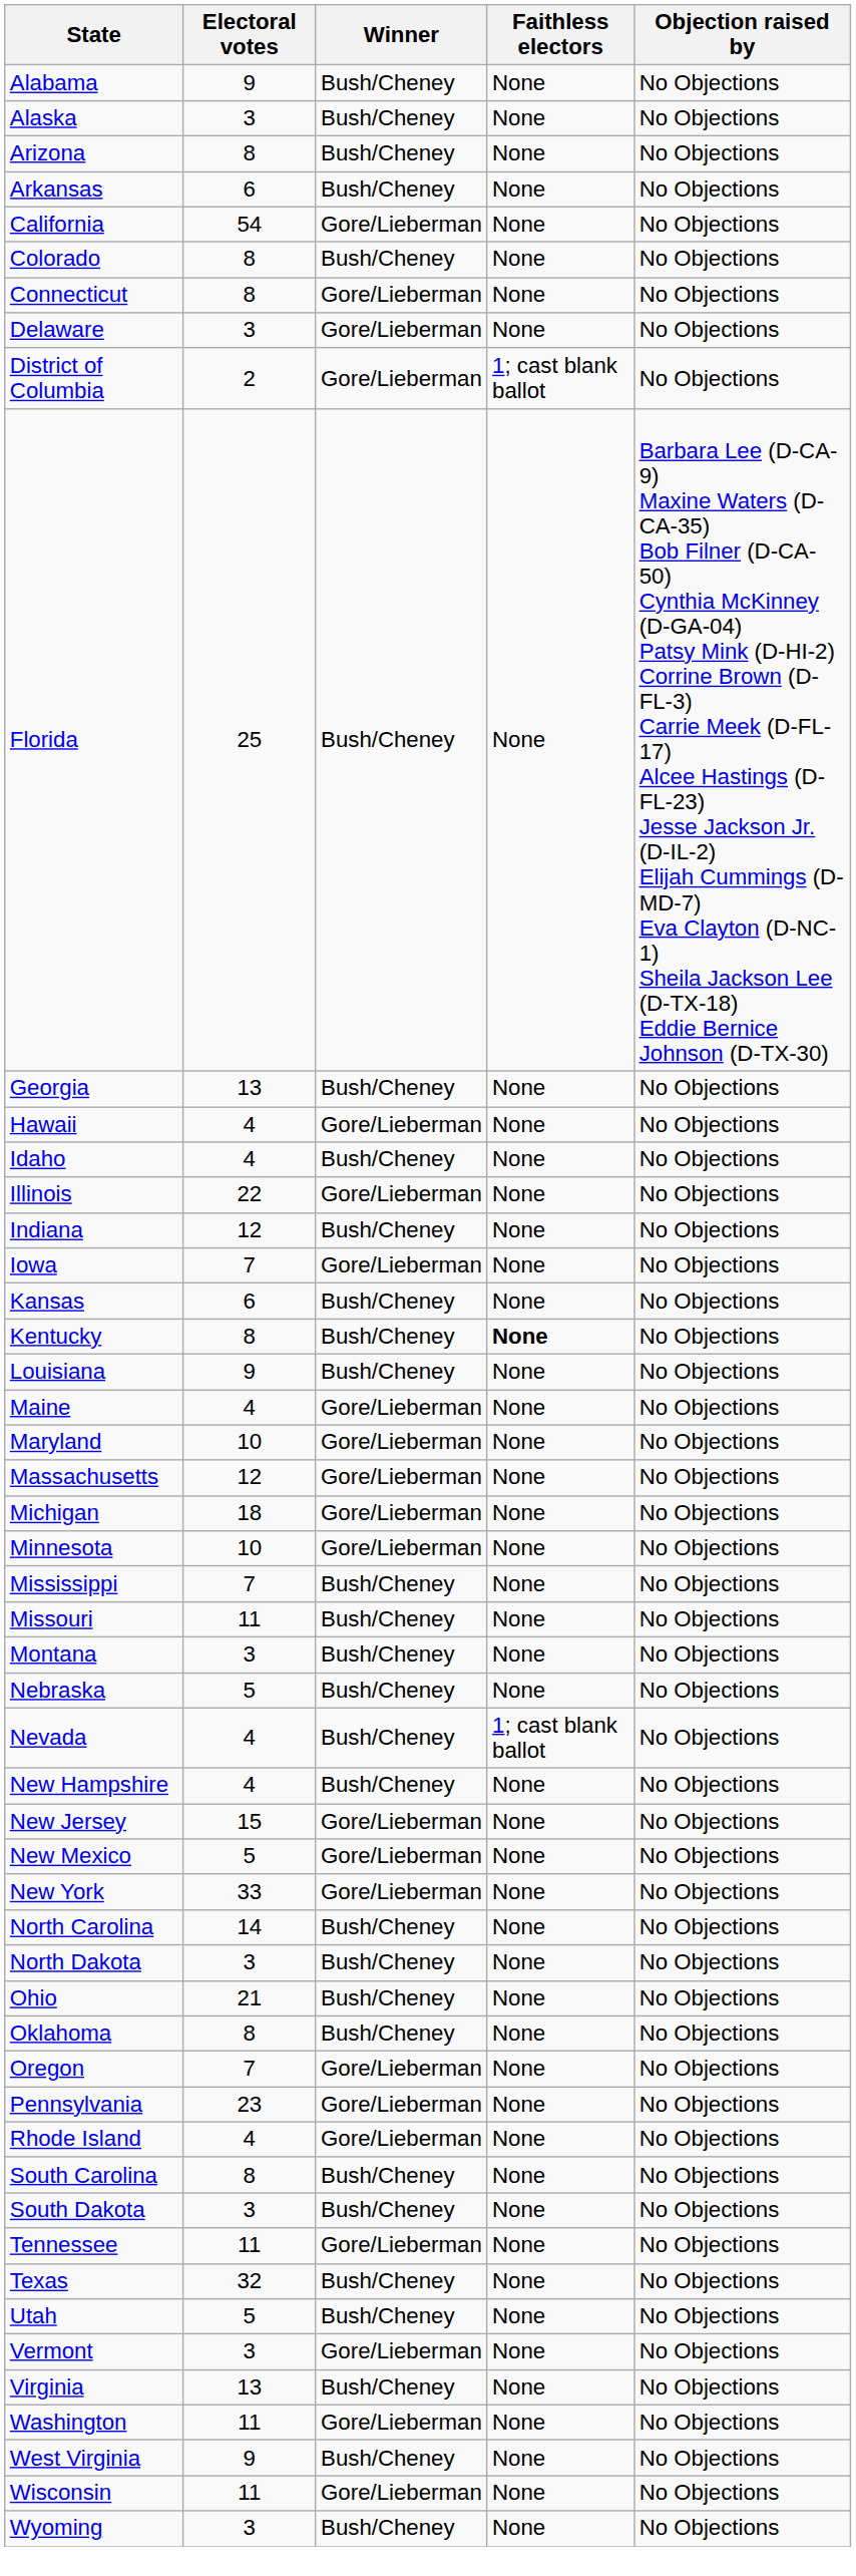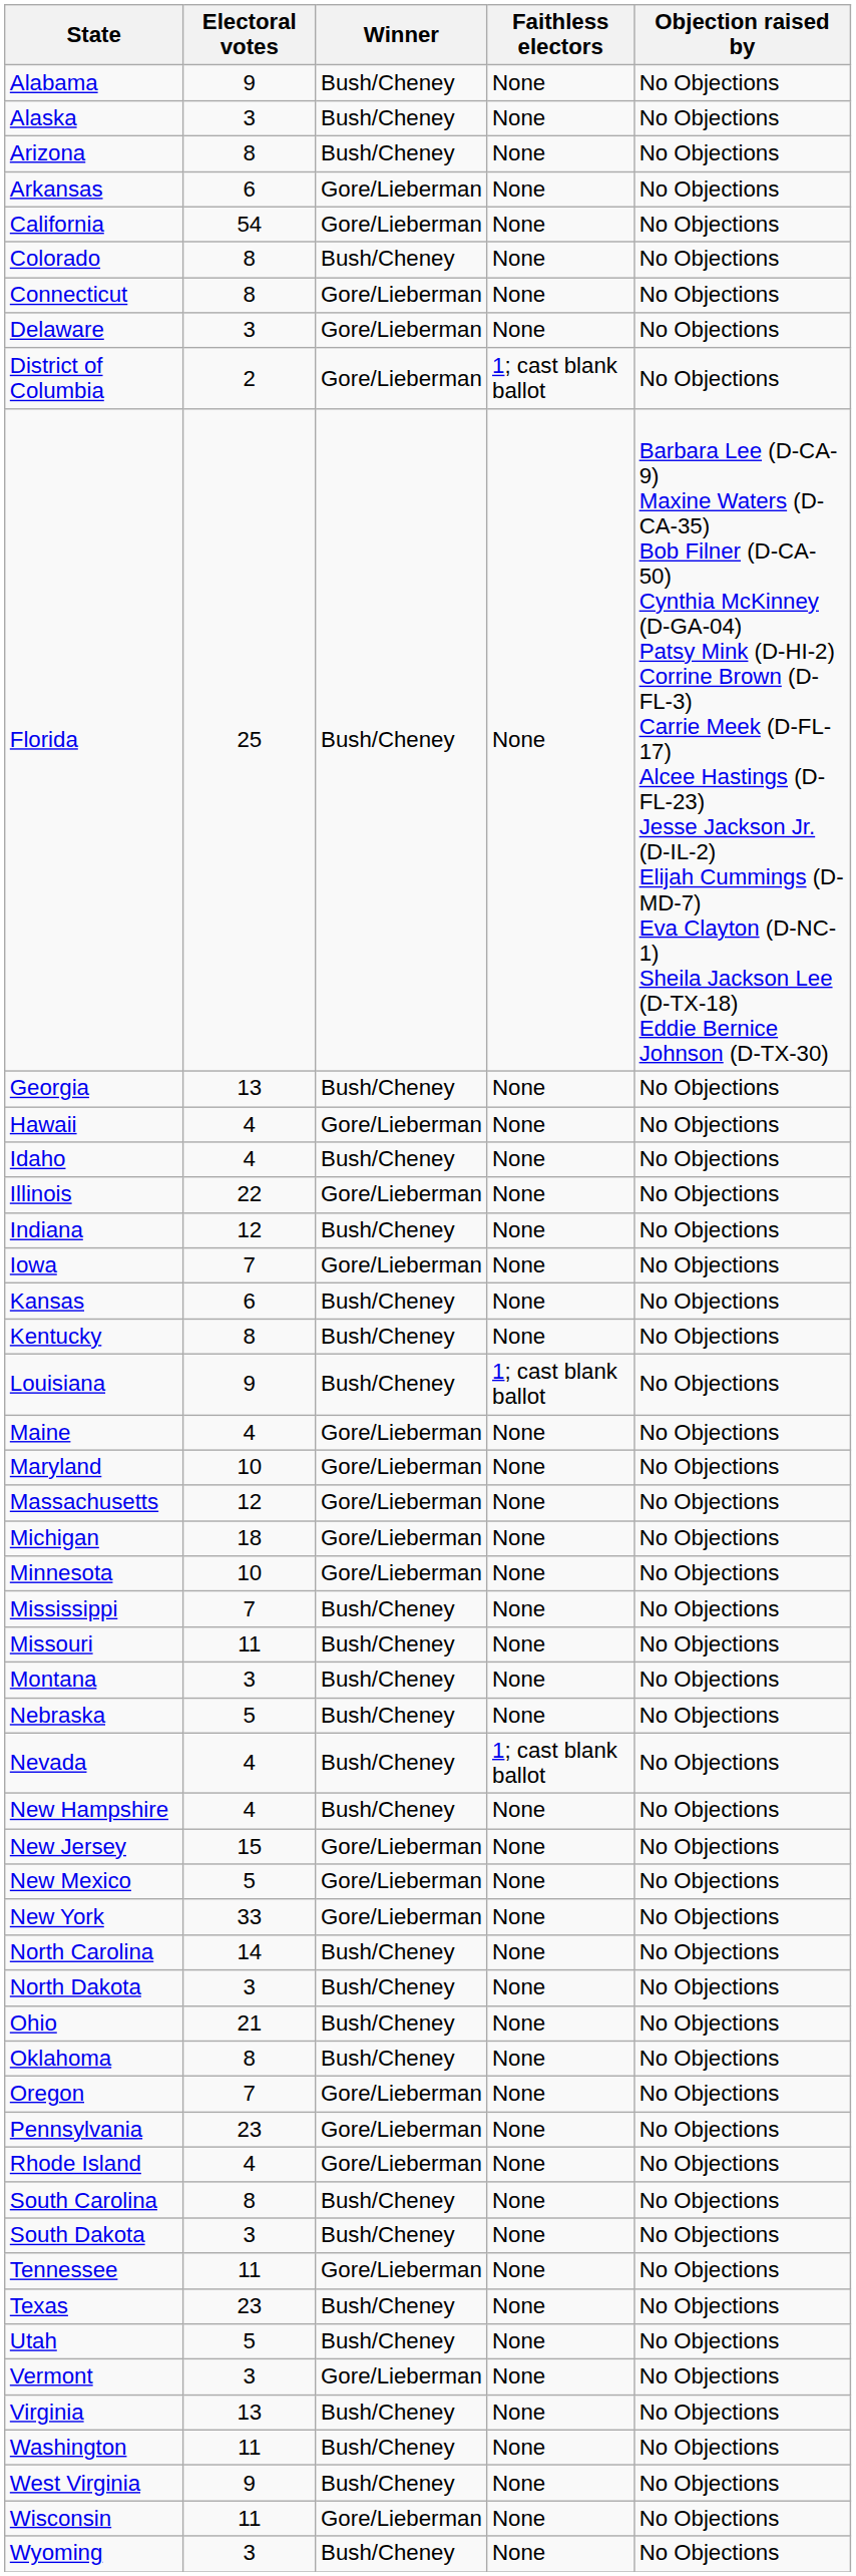 <table class="wikitable sortable">
 <tr>
 <th>State</th>
 <th>Electoral votes</th>
 <th>Winner</th>
 <th>Faithless electors</th>
 <th>Objection raised by</th>
 </tr>
 <tr>
 <td><a href='#'>Alabama</a></td>
 <td style="text-align:center;">9</td>
 <td>Bush/Cheney</td>
 <td>None</td>
 <td>No Objections</td>
 </tr>
 <tr>
 <td><a href='#'>Alaska</a></td>
 <td style="text-align:center;">3</td>
 <td>Bush/Cheney</td>
 <td>None</td>
 <td>No Objections</td>
 </tr>
 <tr>
 <td><a href='#'>Arizona</a></td>
 <td style="text-align:center;">8</td>
 <td>Bush/Cheney</td>
 <td>None</td>
 <td>No Objections</td>
 </tr>
 <tr>
 <td><a href='#'>Arkansas</a></td>
 <td style="text-align:center;">6</td>
-<td>Bush/Cheney</td>
+<td>Gore/Lieberman</td>
 <td>None</td>
 <td>No Objections</td>
 </tr>
 <tr>
 <td><a href='#'>California</a></td>
 <td style="text-align:center;">54</td>
 <td>Gore/Lieberman</td>
 <td>None</td>
 <td>No Objections</td>
 </tr>
 <tr>
 <td><a href='#'>Colorado</a></td>
 <td style="text-align:center;">8</td>
 <td>Bush/Cheney</td>
 <td>None</td>
 <td>No Objections</td>
 </tr>
 <tr>
 <td><a href='#'>Connecticut</a></td>
 <td style="text-align:center;">8</td>
 <td>Gore/Lieberman</td>
 <td>None</td>
 <td>No Objections</td>
 </tr>
 <tr>
 <td><a href='#'>Delaware</a></td>
 <td style="text-align:center;">3</td>
 <td>Gore/Lieberman</td>
 <td>None</td>
 <td>No Objections</td>
 </tr>
 <tr>
 <td><a href='#'>District of Columbia</a></td>
 <td style="text-align:center;">2</td>
 <td>Gore/Lieberman</td>
 <td><a href='#'>1</a>; cast blank ballot</td>
 <td>No Objections</td>
 </tr>
 <tr>
 <td><a href='#'>Florida</a></td>
 <td style="text-align:center;">25</td>
 <td>Bush/Cheney</td>
 <td>None</td>
 <td><br><a href='#'>Barbara Lee</a> (D-CA-9)<br> <a href='#'>Maxine Waters</a> (D-CA-35)<br> <a href='#'>Bob Filner</a> (D-CA-50)<br> <a href='#'>Cynthia McKinney</a> (D-GA-04)<br> <a href='#'>Patsy Mink</a> (D-HI-2)<br> <a href='#'>Corrine Brown</a> (D-FL-3)<br> <a href='#'>Carrie Meek</a> (D-FL-17)<br> <a href='#'>Alcee Hastings</a> (D-FL-23)<br> <a href='#'>Jesse Jackson Jr.</a> (D-IL-2)<br> <a href='#'>Elijah Cummings</a> (D-MD-7)<br> <a href='#'>Eva Clayton</a> (D-NC-1)<br> <a href='#'>Sheila Jackson Lee</a> (D-TX-18)<br> <a href='#'>Eddie Bernice Johnson</a> (D-TX-30)<br></td>
 </tr>
 <tr>
 <td><a href='#'>Georgia</a></td>
 <td style="text-align:center;">13</td>
 <td>Bush/Cheney</td>
 <td>None</td>
 <td>No Objections</td>
 </tr>
 <tr>
 <td><a href='#'>Hawaii</a></td>
 <td style="text-align:center;">4</td>
 <td>Gore/Lieberman</td>
 <td>None</td>
 <td>No Objections</td>
 </tr>
 <tr>
 <td><a href='#'>Idaho</a></td>
 <td style="text-align:center;">4</td>
 <td>Bush/Cheney</td>
 <td>None</td>
 <td>No Objections</td>
 </tr>
 <tr>
 <td><a href='#'>Illinois</a></td>
 <td style="text-align:center;">22</td>
 <td>Gore/Lieberman</td>
 <td>None</td>
 <td>No Objections</td>
 </tr>
 <tr>
 <td><a href='#'>Indiana</a></td>
 <td style="text-align:center;">12</td>
 <td>Bush/Cheney</td>
 <td>None</td>
 <td>No Objections</td>
 </tr>
 <tr>
 <td><a href='#'>Iowa</a></td>
 <td style="text-align:center;">7</td>
 <td>Gore/Lieberman</td>
 <td>None</td>
 <td>No Objections</td>
 </tr>
 <tr>
 <td><a href='#'>Kansas</a></td>
 <td style="text-align:center;">6</td>
 <td>Bush/Cheney</td>
 <td>None</td>
 <td>No Objections</td>
 </tr>
 <tr>
 <td><a href='#'>Kentucky</a></td>
 <td style="text-align:center;">8</td>
 <td>Bush/Cheney</td>
-<td><strong>None</strong></td>
+<td>None</td>
 <td>No Objections</td>
 </tr>
 <tr>
 <td><a href='#'>Louisiana</a></td>
 <td style="text-align:center;">9</td>
 <td>Bush/Cheney</td>
-<td>None</td>
+<td><a href='#'>1</a>; cast blank ballot</td>
 <td>No Objections</td>
 </tr>
 <tr>
 <td><a href='#'>Maine</a></td>
 <td style="text-align:center;">4</td>
 <td>Gore/Lieberman</td>
 <td>None</td>
 <td>No Objections</td>
 </tr>
 <tr>
 <td><a href='#'>Maryland</a></td>
 <td style="text-align:center;">10</td>
 <td>Gore/Lieberman</td>
 <td>None</td>
 <td>No Objections</td>
 </tr>
 <tr>
 <td><a href='#'>Massachusetts</a></td>
 <td style="text-align:center;">12</td>
 <td>Gore/Lieberman</td>
 <td>None</td>
 <td>No Objections</td>
 </tr>
 <tr>
 <td><a href='#'>Michigan</a></td>
 <td style="text-align:center;">18</td>
 <td>Gore/Lieberman</td>
 <td>None</td>
 <td>No Objections</td>
 </tr>
 <tr>
 <td><a href='#'>Minnesota</a></td>
 <td style="text-align:center;">10</td>
 <td>Gore/Lieberman</td>
 <td>None</td>
 <td>No Objections</td>
 </tr>
 <tr>
 <td><a href='#'>Mississippi</a></td>
 <td style="text-align:center;">7</td>
 <td>Bush/Cheney</td>
 <td>None</td>
 <td>No Objections</td>
 </tr>
 <tr>
 <td><a href='#'>Missouri</a></td>
 <td style="text-align:center;">11</td>
 <td>Bush/Cheney</td>
 <td>None</td>
 <td>No Objections</td>
 </tr>
 <tr>
 <td><a href='#'>Montana</a></td>
 <td style="text-align:center;">3</td>
 <td>Bush/Cheney</td>
 <td>None</td>
 <td>No Objections</td>
 </tr>
 <tr>
 <td><a href='#'>Nebraska</a></td>
 <td style="text-align:center;">5</td>
 <td>Bush/Cheney</td>
 <td>None</td>
 <td>No Objections</td>
 </tr>
 <tr>
 <td><a href='#'>Nevada</a></td>
 <td style="text-align:center;">4</td>
 <td>Bush/Cheney</td>
 <td><a href='#'>1</a>; cast blank ballot</td>
 <td>No Objections</td>
 </tr>
 <tr>
 <td><a href='#'>New Hampshire</a></td>
 <td style="text-align:center;">4</td>
 <td>Bush/Cheney</td>
 <td>None</td>
 <td>No Objections</td>
 </tr>
 <tr>
 <td><a href='#'>New Jersey</a></td>
 <td style="text-align:center;">15</td>
 <td>Gore/Lieberman</td>
 <td>None</td>
 <td>No Objections</td>
 </tr>
 <tr>
 <td><a href='#'>New Mexico</a></td>
 <td style="text-align:center;">5</td>
 <td>Gore/Lieberman</td>
 <td>None</td>
 <td>No Objections</td>
 </tr>
 <tr>
 <td><a href='#'>New York</a></td>
 <td style="text-align:center;">33</td>
 <td>Gore/Lieberman</td>
 <td>None</td>
 <td>No Objections</td>
 </tr>
 <tr>
 <td><a href='#'>North Carolina</a></td>
 <td style="text-align:center;">14</td>
 <td>Bush/Cheney</td>
 <td>None</td>
 <td>No Objections</td>
 </tr>
 <tr>
 <td><a href='#'>North Dakota</a></td>
 <td style="text-align:center;">3</td>
 <td>Bush/Cheney</td>
 <td>None</td>
 <td>No Objections</td>
 </tr>
 <tr>
 <td><a href='#'>Ohio</a></td>
 <td style="text-align:center;">21</td>
 <td>Bush/Cheney</td>
 <td>None</td>
 <td>No Objections</td>
 </tr>
 <tr>
 <td><a href='#'>Oklahoma</a></td>
 <td style="text-align:center;">8</td>
 <td>Bush/Cheney</td>
 <td>None</td>
 <td>No Objections</td>
 </tr>
 <tr>
 <td><a href='#'>Oregon</a></td>
 <td style="text-align:center;">7</td>
 <td>Gore/Lieberman</td>
 <td>None</td>
 <td>No Objections</td>
 </tr>
 <tr>
 <td><a href='#'>Pennsylvania</a></td>
 <td style="text-align:center;">23</td>
 <td>Gore/Lieberman</td>
 <td>None</td>
 <td>No Objections</td>
 </tr>
 <tr>
 <td><a href='#'>Rhode Island</a></td>
 <td style="text-align:center;">4</td>
 <td>Gore/Lieberman</td>
 <td>None</td>
 <td>No Objections</td>
 </tr>
 <tr>
 <td><a href='#'>South Carolina</a></td>
 <td style="text-align:center;">8</td>
 <td>Bush/Cheney</td>
 <td>None</td>
 <td>No Objections</td>
 </tr>
 <tr>
 <td><a href='#'>South Dakota</a></td>
 <td style="text-align:center;">3</td>
 <td>Bush/Cheney</td>
 <td>None</td>
 <td>No Objections</td>
 </tr>
 <tr>
 <td><a href='#'>Tennessee</a></td>
 <td style="text-align:center;">11</td>
 <td>Gore/Lieberman</td>
 <td>None</td>
 <td>No Objections</td>
 </tr>
 <tr>
 <td><a href='#'>Texas</a></td>
-<td style="text-align:center;">32</td>
+<td style="text-align:center;">23</td>
 <td>Bush/Cheney</td>
 <td>None</td>
 <td>No Objections</td>
 </tr>
 <tr>
 <td><a href='#'>Utah</a></td>
 <td style="text-align:center;">5</td>
 <td>Bush/Cheney</td>
 <td>None</td>
 <td>No Objections</td>
 </tr>
 <tr>
 <td><a href='#'>Vermont</a></td>
 <td style="text-align:center;">3</td>
 <td>Gore/Lieberman</td>
 <td>None</td>
 <td>No Objections</td>
 </tr>
 <tr>
 <td><a href='#'>Virginia</a></td>
 <td style="text-align:center;">13</td>
 <td>Bush/Cheney</td>
 <td>None</td>
 <td>No Objections</td>
 </tr>
 <tr>
 <td><a href='#'>Washington</a></td>
 <td style="text-align:center;">11</td>
-<td>Gore/Lieberman</td>
+<td>Bush/Cheney</td>
 <td>None</td>
 <td>No Objections</td>
 </tr>
 <tr>
 <td><a href='#'>West Virginia</a></td>
 <td style="text-align:center;">9</td>
 <td>Bush/Cheney</td>
 <td>None</td>
 <td>No Objections</td>
 </tr>
 <tr>
 <td><a href='#'>Wisconsin</a></td>
 <td style="text-align:center;">11</td>
 <td>Gore/Lieberman</td>
 <td>None</td>
 <td>No Objections</td>
 </tr>
 <tr>
 <td><a href='#'>Wyoming</a></td>
 <td style="text-align:center;">3</td>
 <td>Bush/Cheney</td>
 <td>None</td>
 <td>No Objections</td>
 </tr>
 </table>
